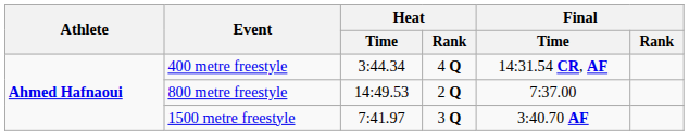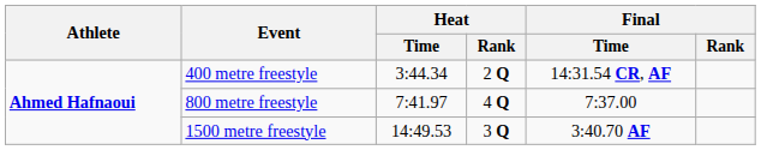 <table class="wikitable" style="text-align:center; font-size:90%; width:50%;">
 <tr>
 <th rowspan="2">Athlete</th>
 <th rowspan="2">Event</th>
 <th colspan="2">Heat</th>
 <th colspan="2">Final</th>
 </tr>
 <tr style="font-size:95%">
 <th>Time</th>
 <th>Rank</th>
 <th>Time</th>
 <th>Rank</th>
 </tr>
 <tr>
 <td align=left rowspan=3><strong><a href='#'>Ahmed Hafnaoui</a></strong></td>
 <td align=left><a href='#'>400 metre freestyle</a></td>
 <td>3:44.34</td>
-<td>4 <strong>Q</strong></td>
+<td>2 <strong>Q</strong></td>
 <td>14:31.54 <strong><a href='#'>CR</a></strong>, <strong><a href='#'>AF</a></strong></td>
 <td></td>
 </tr>
 <tr>
 <td align=left><a href='#'>800 metre freestyle</a></td>
-<td>14:49.53</td>
-<td>2 <strong>Q</strong></td>
+<td>7:41.97</td>
+<td>4 <strong>Q</strong></td>
 <td>7:37.00</td>
 <td></td>
 </tr>
 <tr>
 <td align=left><a href='#'>1500 metre freestyle</a></td>
-<td>7:41.97</td>
+<td>14:49.53</td>
 <td>3 <strong>Q</strong></td>
 <td>3:40.70 <strong><a href='#'>AF</a></strong></td>
 <td></td>
 </tr>
 </table>
